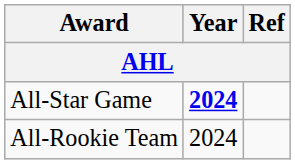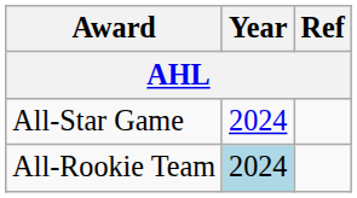 <table class="wikitable">
 <tr>
 <th>Award</th>
 <th>Year</th>
 <th>Ref</th>
 </tr>
 <tr>
 <th colspan="3"><a href='#'>AHL</a></th>
 </tr>
 <tr>
 <td>All-Star Game</td>
-<td><strong><a href='#'>2024</a></strong></td>
+<td><a href='#'>2024</a></td>
 <td></td>
 </tr>
 <tr>
 <td>All-Rookie Team</td>
-<td>2024</td>
+<td style="background: lightblue;">2024</td>
 <td></td>
 </tr>
 </table>
